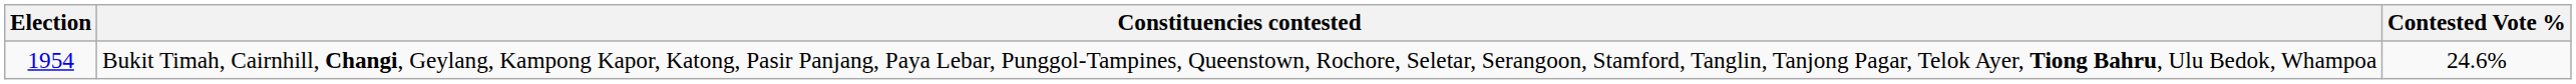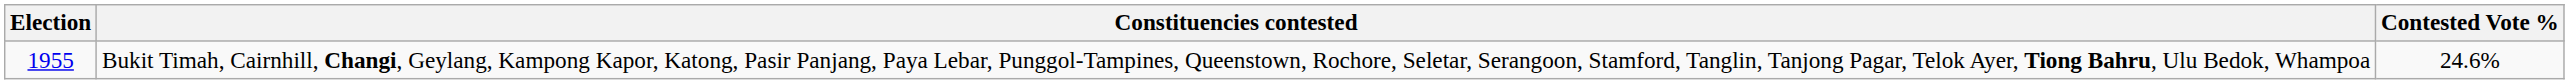 <table class="wikitable" style="text-align: center">
 <tr>
 <th>Election</th>
 <th>Constituencies contested</th>
 <th>Contested Vote %</th>
 </tr>
 <tr>
-<td><a href='#'>1954</a></td>
+<td><a href='#'>1955</a></td>
 <td> Bukit Timah, Cairnhill, <strong>Changi</strong>, Geylang, Kampong Kapor, Katong, Pasir Panjang, Paya Lebar, Punggol-Tampines, Queenstown, Rochore, Seletar, Serangoon, Stamford, Tanglin, Tanjong Pagar, Telok Ayer, <strong>Tiong Bahru</strong>, Ulu Bedok, Whampoa</td>
 <td>24.6%</td>
 </tr>
 </table>
